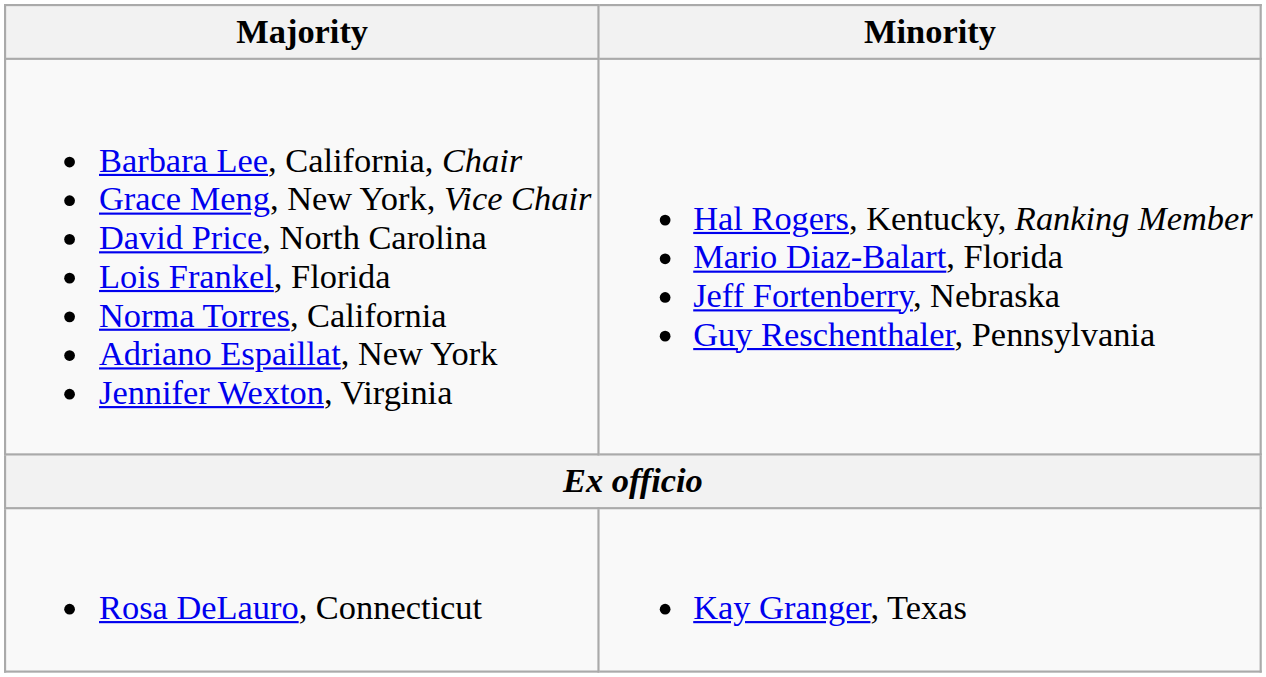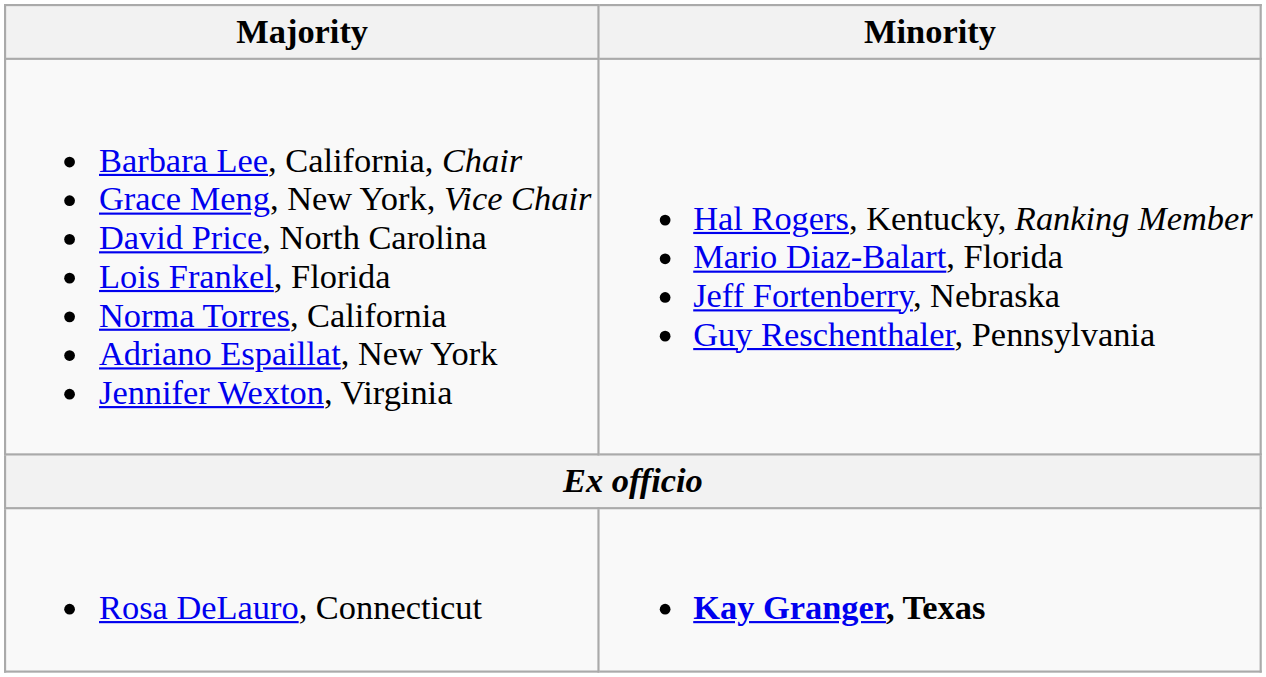 <table class=wikitable>
 <tr>
 <th>Majority</th>
 <th>Minority</th>
 </tr>
 <tr>
 <td><br><ul><li><a href='#'>Barbara Lee</a>, California, <em>Chair</em></li><li><a href='#'>Grace Meng</a>, New York, <em>Vice Chair</em></li><li><a href='#'>David Price</a>, North Carolina</li><li><a href='#'>Lois Frankel</a>, Florida</li><li><a href='#'>Norma Torres</a>, California</li><li><a href='#'>Adriano Espaillat</a>, New York</li><li><a href='#'>Jennifer Wexton</a>, Virginia</li></ul></td>
 <td><br><ul><li><a href='#'>Hal Rogers</a>, Kentucky, <em>Ranking Member</em></li><li><a href='#'>Mario Diaz-Balart</a>, Florida</li><li><a href='#'>Jeff Fortenberry</a>, Nebraska</li><li><a href='#'>Guy Reschenthaler</a>, Pennsylvania</li></ul></td>
 </tr>
 <tr>
 <th colspan=2><em>Ex officio</em></th>
 </tr>
 <tr>
 <td><br><ul><li><a href='#'>Rosa DeLauro</a>, Connecticut</li></ul></td>
-<td><br><ul><li><a href='#'>Kay Granger</a>, Texas</li></ul></td>
+<td><strong><br><ul><li><a href='#'>Kay Granger</a>, Texas</li></ul></strong></td>
 </tr>
 </table>
